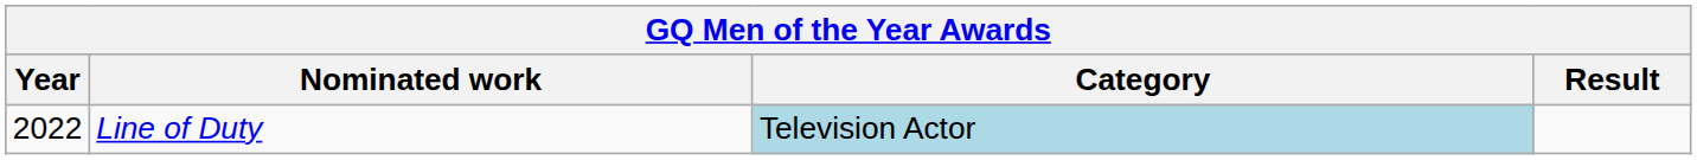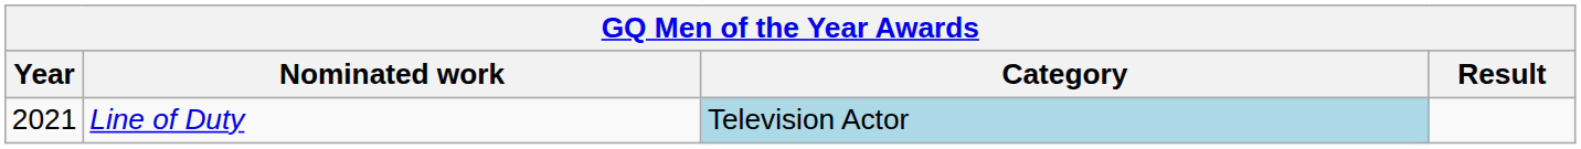 <table class="wikitable">
 <tr>
 <th colspan="4"><a href='#'>GQ Men of the Year Awards</a></th>
 </tr>
 <tr>
 <th scope="col" style="width:1em;">Year</th>
 <th scope="col" style="width:25em;">Nominated work</th>
 <th scope="col" style="width:30em;">Category</th>
 <th scope="col" style="width:5em;">Result</th>
 </tr>
 <tr>
-<td>2022</td>
+<td>2021</td>
 <td><em><a href='#'>Line of Duty</a></em></td>
 <td style="background: lightblue;">Television Actor</td>
 <td></td>
 </tr>
 </table>
